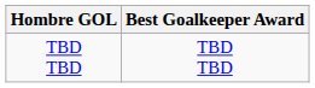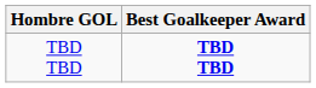 <table class="wikitable" style="margin: 0 auto;">
 <tr>
 <th>Hombre GOL</th>
 <th>Best Goalkeeper Award</th>
 </tr>
 <tr>
 <td align=center> <a href='#'>TBD</a> <br> <a href='#'>TBD</a></td>
-<td align=center> <a href='#'>TBD</a> <br><a href='#'>TBD</a></td>
+<td align=center><strong> <a href='#'>TBD</a> <br><a href='#'>TBD</a></strong></td>
 </tr>
 </table>
